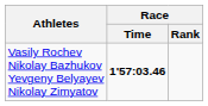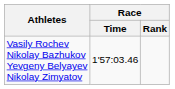 <table class="wikitable" border="1" style="font-size:90%">
 <tr>
 <th rowspan=2>Athletes</th>
 <th colspan=2>Race</th>
 </tr>
 <tr>
 <th>Time</th>
 <th>Rank</th>
 </tr>
 <tr>
 <td><a href='#'>Vasily Rochev</a><br><a href='#'>Nikolay Bazhukov</a><br><a href='#'>Yevgeny Belyayev</a><br><a href='#'>Nikolay Zimyatov</a></td>
-<td align=center><strong>1'57:03.46</strong></td>
+<td align=center>1'57:03.46</td>
 <td align=center></td>
 </tr>
 </table>
